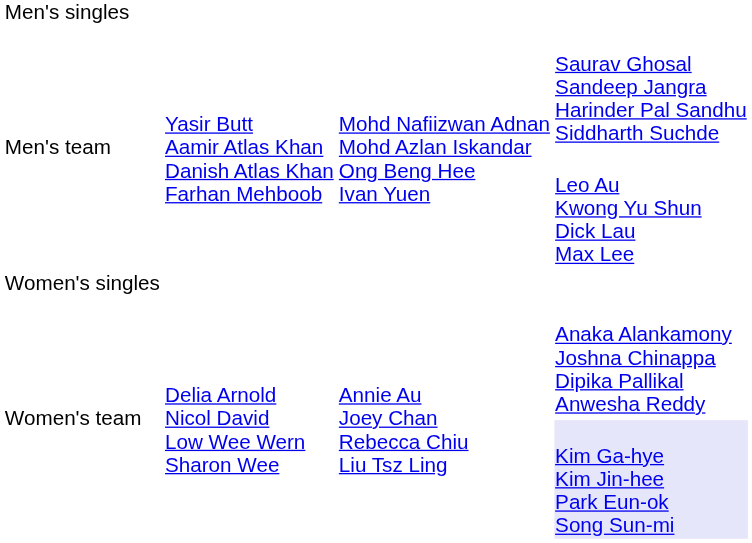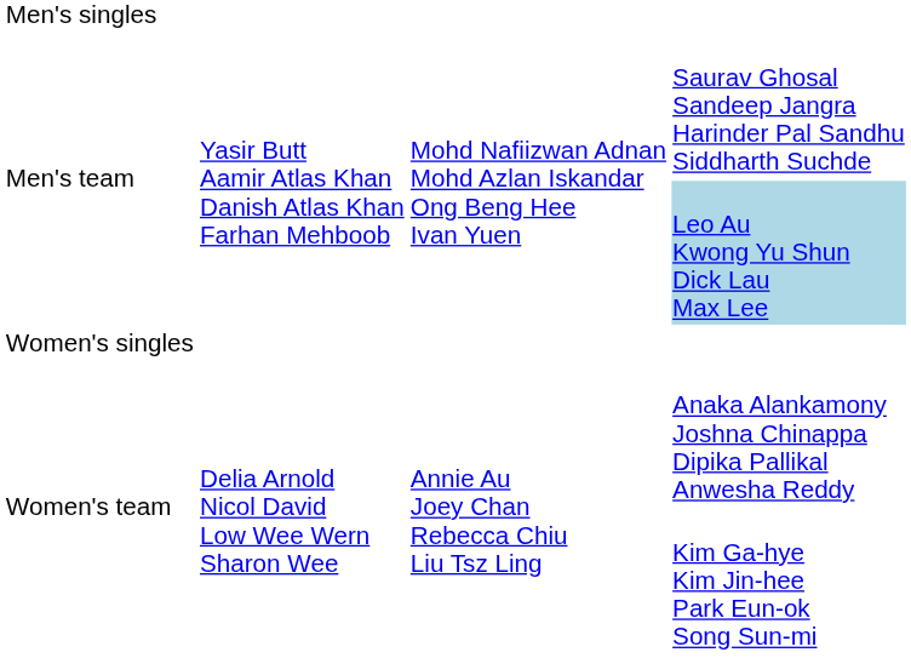 <table>
 <tr>
 <td rowspan=2>Men's singles<br></td>
 <td rowspan=2></td>
 <td rowspan=2></td>
 <td></td>
 </tr>
 <tr>
 <td></td>
 </tr>
 <tr>
 <td rowspan=2>Men's team<br></td>
 <td rowspan=2><br><a href='#'>Yasir Butt</a><br><a href='#'>Aamir Atlas Khan</a><br><a href='#'>Danish Atlas Khan</a><br><a href='#'>Farhan Mehboob</a></td>
 <td rowspan=2><br><a href='#'>Mohd Nafiizwan Adnan</a><br><a href='#'>Mohd Azlan Iskandar</a><br><a href='#'>Ong Beng Hee</a><br><a href='#'>Ivan Yuen</a></td>
 <td><br><a href='#'>Saurav Ghosal</a><br><a href='#'>Sandeep Jangra</a><br><a href='#'>Harinder Pal Sandhu</a><br><a href='#'>Siddharth Suchde</a></td>
 </tr>
 <tr>
-<td><br><a href='#'>Leo Au</a><br><a href='#'>Kwong Yu Shun</a><br><a href='#'>Dick Lau</a><br><a href='#'>Max Lee</a></td>
+<td style="background: lightblue;"><br><a href='#'>Leo Au</a><br><a href='#'>Kwong Yu Shun</a><br><a href='#'>Dick Lau</a><br><a href='#'>Max Lee</a></td>
 </tr>
 <tr>
 <td rowspan=2>Women's singles<br></td>
 <td rowspan=2></td>
 <td rowspan=2></td>
 <td></td>
 </tr>
 <tr>
 <td></td>
 </tr>
 <tr>
 <td rowspan=2>Women's team<br></td>
 <td rowspan=2><br><a href='#'>Delia Arnold</a><br><a href='#'>Nicol David</a><br><a href='#'>Low Wee Wern</a><br><a href='#'>Sharon Wee</a></td>
 <td rowspan=2><br><a href='#'>Annie Au</a><br><a href='#'>Joey Chan</a><br><a href='#'>Rebecca Chiu</a><br><a href='#'>Liu Tsz Ling</a></td>
 <td><br><a href='#'>Anaka Alankamony</a><br><a href='#'>Joshna Chinappa</a><br><a href='#'>Dipika Pallikal</a><br><a href='#'>Anwesha Reddy</a></td>
 </tr>
 <tr>
-<td style="background: lavender;"><br><a href='#'>Kim Ga-hye</a><br><a href='#'>Kim Jin-hee</a><br><a href='#'>Park Eun-ok</a><br><a href='#'>Song Sun-mi</a></td>
+<td><br><a href='#'>Kim Ga-hye</a><br><a href='#'>Kim Jin-hee</a><br><a href='#'>Park Eun-ok</a><br><a href='#'>Song Sun-mi</a></td>
 </tr>
 </table>
